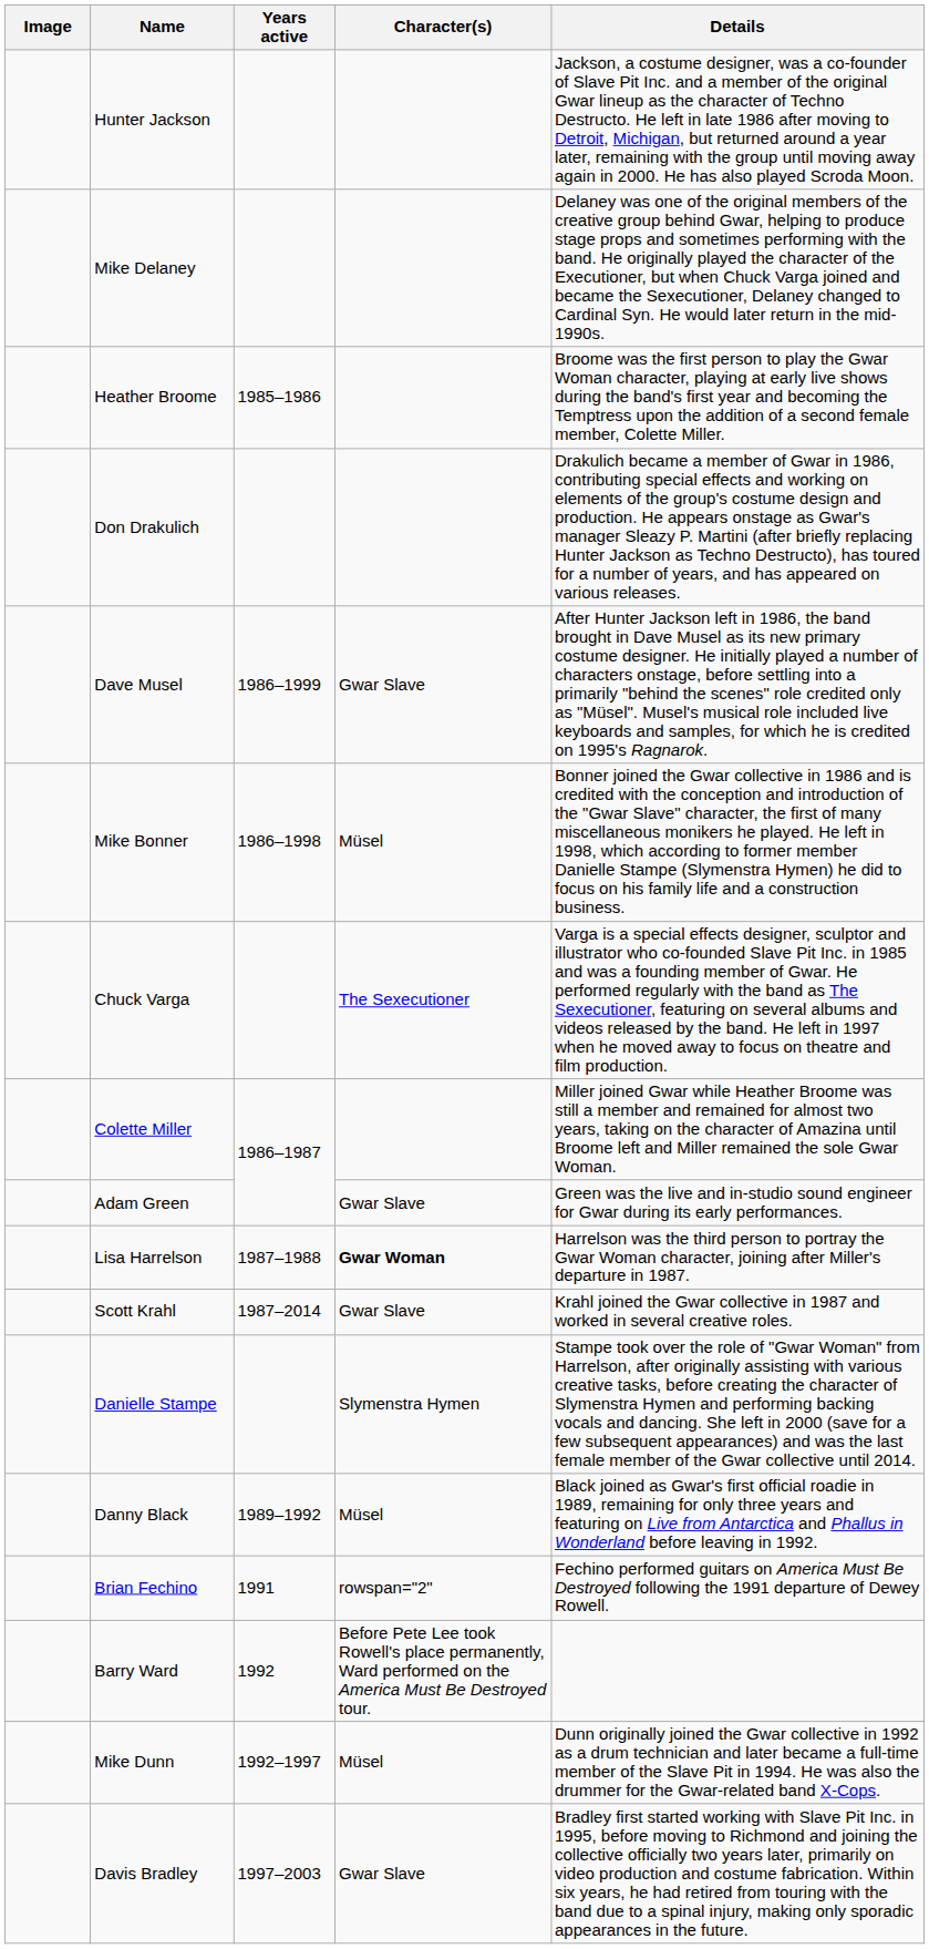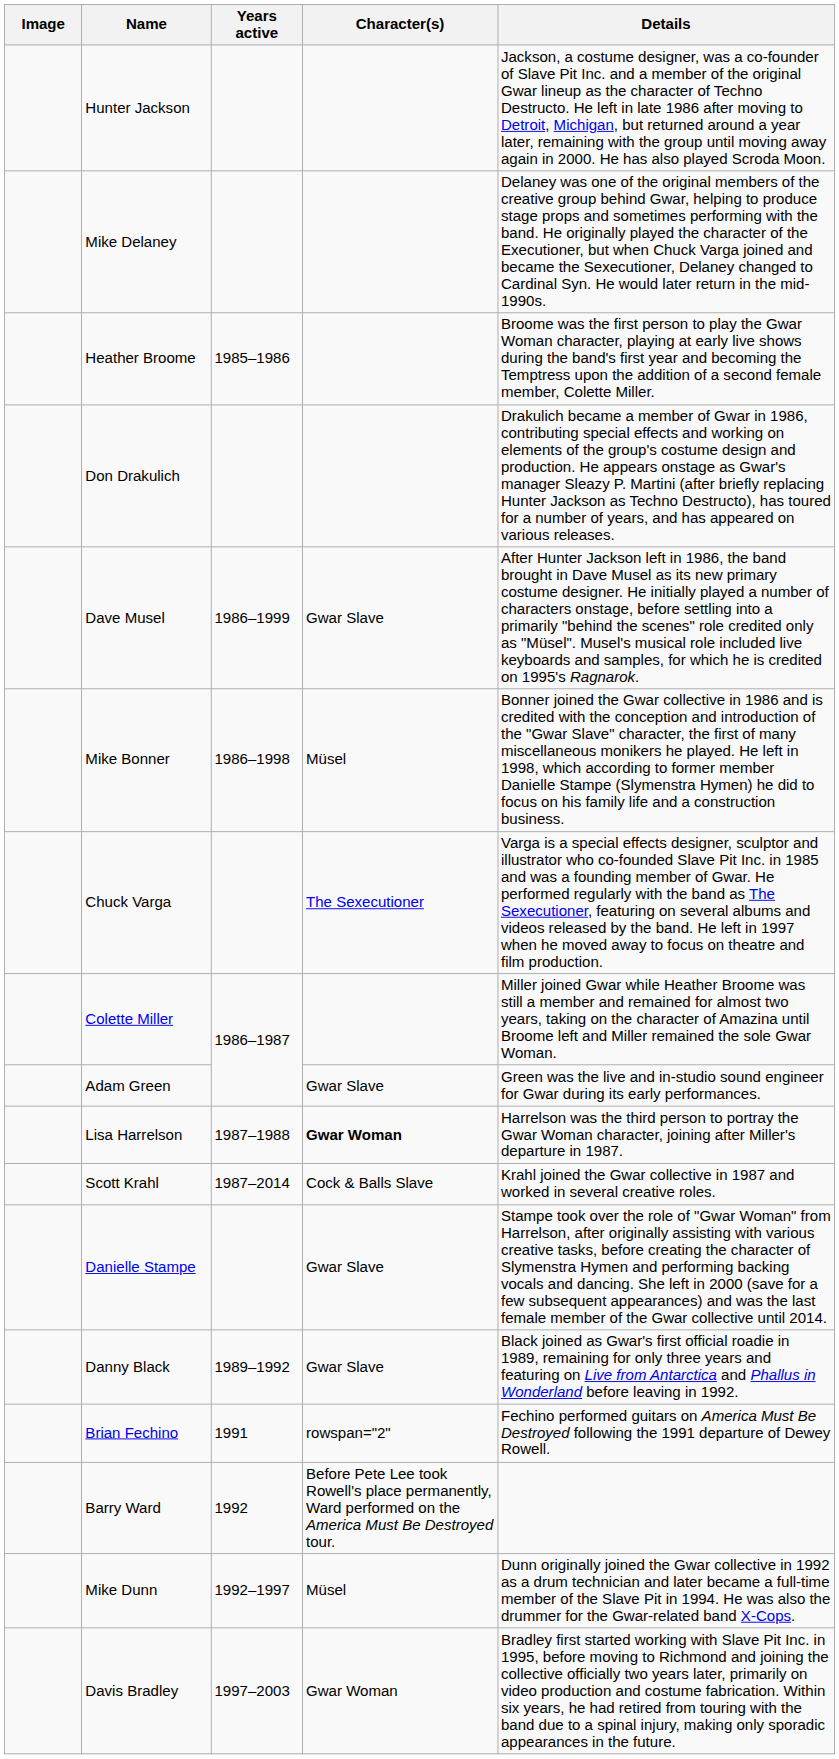 <table class="wikitable" border="1" width=100%>
 <tr>
 <th width="75">Image</th>
 <th width="130">Name</th>
 <th width="90">Years active</th>
 <th width="200">Character(s)</th>
 <th>Details</th>
 </tr>
 <tr>
 <td></td>
 <td>Hunter Jackson</td>
 <td></td>
 <td></td>
 <td>Jackson, a costume designer, was a co-founder of Slave Pit Inc. and a member of the original Gwar lineup as the character of Techno Destructo. He left in late 1986 after moving to <a href='#'>Detroit</a>, <a href='#'>Michigan</a>, but returned around a year later, remaining with the group until moving away again in 2000. He has also played Scroda Moon.</td>
 </tr>
 <tr>
 <td></td>
 <td>Mike Delaney</td>
 <td></td>
 <td></td>
 <td>Delaney was one of the original members of the creative group behind Gwar, helping to produce stage props and sometimes performing with the band. He originally played the character of the Executioner, but when Chuck Varga joined and became the Sexecutioner, Delaney changed to Cardinal Syn. He would later return in the mid-1990s.</td>
 </tr>
 <tr>
 <td></td>
 <td>Heather Broome</td>
 <td>1985–1986</td>
 <td></td>
 <td>Broome was the first person to play the Gwar Woman character, playing at early live shows during the band's first year and becoming the Temptress upon the addition of a second female member, Colette Miller.</td>
 </tr>
 <tr>
 <td></td>
 <td>Don Drakulich</td>
 <td></td>
 <td></td>
 <td>Drakulich became a member of Gwar in 1986, contributing special effects and working on elements of the group's costume design and production. He appears onstage as Gwar's manager Sleazy P. Martini (after briefly replacing Hunter Jackson as Techno Destructo), has toured for a number of years, and has appeared on various releases.</td>
 </tr>
 <tr>
 <td></td>
 <td>Dave Musel</td>
 <td>1986–1999</td>
 <td>Gwar Slave</td>
 <td>After Hunter Jackson left in 1986, the band brought in Dave Musel as its new primary costume designer. He initially played a number of characters onstage, before settling into a primarily "behind the scenes" role credited only as "Müsel". Musel's musical role included live keyboards and samples, for which he is credited on 1995's <em>Ragnarok</em>.</td>
 </tr>
 <tr>
 <td></td>
 <td>Mike Bonner</td>
 <td>1986–1998</td>
 <td>Müsel</td>
 <td>Bonner joined the Gwar collective in 1986 and is credited with the conception and introduction of the "Gwar Slave" character, the first of many miscellaneous monikers he played. He left in 1998, which according to former member Danielle Stampe (Slymenstra Hymen) he did to focus on his family life and a construction business.</td>
 </tr>
 <tr>
 <td></td>
 <td>Chuck Varga</td>
 <td></td>
 <td><a href='#'>The Sexecutioner</a></td>
 <td>Varga is a special effects designer, sculptor and illustrator who co-founded Slave Pit Inc. in 1985 and was a founding member of Gwar. He performed regularly with the band as <a href='#'>The Sexecutioner</a>, featuring on several albums and videos released by the band. He left in 1997 when he moved away to focus on theatre and film production.</td>
 </tr>
 <tr>
 <td></td>
 <td><a href='#'>Colette Miller</a></td>
 <td rowspan="2">1986–1987</td>
 <td></td>
 <td>Miller joined Gwar while Heather Broome was still a member and remained for almost two years, taking on the character of Amazina until Broome left and Miller remained the sole Gwar Woman.</td>
 </tr>
 <tr>
 <td></td>
 <td>Adam Green</td>
 <td>Gwar Slave</td>
 <td>Green was the live and in-studio sound engineer for Gwar during its early performances.</td>
 </tr>
 <tr>
 <td></td>
 <td>Lisa Harrelson</td>
 <td>1987–1988</td>
 <td><strong>Gwar Woman</strong></td>
 <td>Harrelson was the third person to portray the Gwar Woman character, joining after Miller's departure in 1987.</td>
 </tr>
 <tr>
 <td></td>
 <td>Scott Krahl</td>
 <td>1987–2014</td>
-<td>Gwar Slave</td>
+<td>Cock & Balls Slave</td>
 <td>Krahl joined the Gwar collective in 1987 and worked in several creative roles.</td>
 </tr>
 <tr>
 <td></td>
 <td><a href='#'>Danielle Stampe</a></td>
 <td></td>
-<td>Slymenstra Hymen</td>
+<td>Gwar Slave</td>
 <td>Stampe took over the role of "Gwar Woman" from Harrelson, after originally assisting with various creative tasks, before creating the character of Slymenstra Hymen and performing backing vocals and dancing. She left in 2000 (save for a few subsequent appearances) and was the last female member of the Gwar collective until 2014.</td>
 </tr>
 <tr>
 <td></td>
 <td>Danny Black</td>
 <td>1989–1992</td>
-<td>Müsel</td>
+<td>Gwar Slave</td>
 <td>Black joined as Gwar's first official roadie in 1989, remaining for only three years and featuring on <em><a href='#'>Live from Antarctica</a></em> and <em><a href='#'>Phallus in Wonderland</a></em> before leaving in 1992.</td>
 </tr>
 <tr>
 <td></td>
 <td><a href='#'>Brian Fechino</a></td>
 <td>1991</td>
 <td>rowspan="2" </td>
 <td>Fechino performed guitars on <em>America Must Be Destroyed</em> following the 1991 departure of Dewey Rowell.</td>
 </tr>
 <tr>
 <td></td>
 <td>Barry Ward</td>
 <td>1992</td>
 <td>Before Pete Lee took Rowell's place permanently, Ward performed on the <em>America Must Be Destroyed</em> tour.</td>
 </tr>
 <tr>
 <td></td>
 <td>Mike Dunn</td>
 <td>1992–1997</td>
 <td>Müsel</td>
 <td>Dunn originally joined the Gwar collective in 1992 as a drum technician and later became a full-time member of the Slave Pit in 1994. He was also the drummer for the Gwar-related band <a href='#'>X-Cops</a>.</td>
 </tr>
 <tr>
 <td></td>
 <td>Davis Bradley</td>
 <td>1997–2003</td>
-<td>Gwar Slave</td>
+<td>Gwar Woman</td>
 <td>Bradley first started working with Slave Pit Inc. in 1995, before moving to Richmond and joining the collective officially two years later, primarily on video production and costume fabrication. Within six years, he had retired from touring with the band due to a spinal injury, making only sporadic appearances in the future.</td>
 </tr>
 </table>
